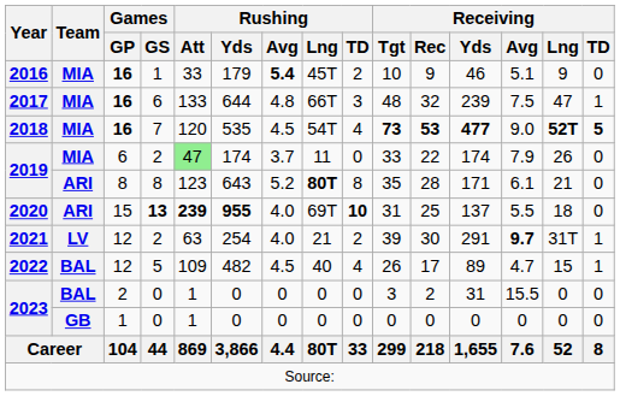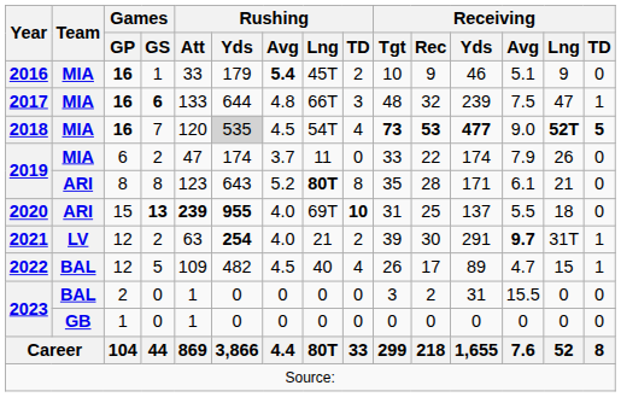 <table class=wikitable style="text-align:center;">
 <tr>
 <th rowspan="2">Year</th>
 <th rowspan="2">Team</th>
 <th colspan="2">Games</th>
 <th colspan="5">Rushing</th>
 <th colspan="6">Receiving</th>
 </tr>
 <tr>
 <th>GP</th>
 <th>GS</th>
 <th>Att</th>
 <th>Yds</th>
 <th>Avg</th>
 <th>Lng</th>
 <th>TD</th>
 <th>Tgt</th>
 <th>Rec</th>
 <th>Yds</th>
 <th>Avg</th>
 <th>Lng</th>
 <th>TD</th>
 </tr>
 <tr>
 <th><a href='#'>2016</a></th>
 <th><a href='#'>MIA</a></th>
 <td><strong>16</strong></td>
 <td>1</td>
 <td>33</td>
 <td>179</td>
 <td><strong>5.4</strong></td>
 <td>45T</td>
 <td>2</td>
 <td>10</td>
 <td>9</td>
 <td>46</td>
 <td>5.1</td>
 <td>9</td>
 <td>0</td>
 </tr>
 <tr>
 <th><a href='#'>2017</a></th>
 <th><a href='#'>MIA</a></th>
 <td><strong>16</strong></td>
-<td>6</td>
+<td><strong>6</strong></td>
 <td>133</td>
 <td>644</td>
 <td>4.8</td>
 <td>66T</td>
 <td>3</td>
 <td>48</td>
 <td>32</td>
 <td>239</td>
 <td>7.5</td>
 <td>47</td>
 <td>1</td>
 </tr>
 <tr>
 <th><a href='#'>2018</a></th>
 <th><a href='#'>MIA</a></th>
 <td><strong>16</strong></td>
 <td>7</td>
 <td>120</td>
-<td>535</td>
+<td style="background: lightgrey;">535</td>
 <td>4.5</td>
 <td>54T</td>
 <td>4</td>
 <td><strong>73</strong></td>
 <td><strong>53</strong></td>
 <td><strong>477</strong></td>
 <td>9.0</td>
 <td><strong>52T</strong></td>
 <td><strong>5</strong></td>
 </tr>
 <tr>
 <th rowspan="2"><a href='#'>2019</a></th>
 <th><a href='#'>MIA</a></th>
 <td>6</td>
 <td>2</td>
-<td style="background: lightgreen;">47</td>
+<td>47</td>
 <td>174</td>
 <td>3.7</td>
 <td>11</td>
 <td>0</td>
 <td>33</td>
 <td>22</td>
 <td>174</td>
 <td>7.9</td>
 <td>26</td>
 <td>0</td>
 </tr>
 <tr>
 <th><a href='#'>ARI</a></th>
 <td>8</td>
 <td>8</td>
 <td>123</td>
 <td>643</td>
 <td>5.2</td>
 <td><strong>80T</strong></td>
 <td>8</td>
 <td>35</td>
 <td>28</td>
 <td>171</td>
 <td>6.1</td>
 <td>21</td>
 <td>0</td>
 </tr>
 <tr>
 <th><a href='#'>2020</a></th>
 <th><a href='#'>ARI</a></th>
 <td>15</td>
 <td><strong>13</strong></td>
 <td><strong>239</strong></td>
 <td><strong>955</strong></td>
 <td>4.0</td>
 <td>69T</td>
 <td><strong>10</strong></td>
 <td>31</td>
 <td>25</td>
 <td>137</td>
 <td>5.5</td>
 <td>18</td>
 <td>0</td>
 </tr>
 <tr>
 <th><a href='#'>2021</a></th>
 <th><a href='#'>LV</a></th>
 <td>12</td>
 <td>2</td>
 <td>63</td>
-<td>254</td>
+<td><strong>254</strong></td>
 <td>4.0</td>
 <td>21</td>
 <td>2</td>
 <td>39</td>
 <td>30</td>
 <td>291</td>
 <td><strong>9.7</strong></td>
 <td>31T</td>
 <td>1</td>
 </tr>
 <tr>
 <th><a href='#'>2022</a></th>
 <th><a href='#'>BAL</a></th>
 <td>12</td>
 <td>5</td>
 <td>109</td>
 <td>482</td>
 <td>4.5</td>
 <td>40</td>
 <td>4</td>
 <td>26</td>
 <td>17</td>
 <td>89</td>
 <td>4.7</td>
 <td>15</td>
 <td>1</td>
 </tr>
 <tr>
 <th rowspan=2><a href='#'>2023</a></th>
 <th><a href='#'>BAL</a></th>
 <td>2</td>
 <td>0</td>
 <td>1</td>
 <td>0</td>
 <td>0</td>
 <td>0</td>
 <td>0</td>
 <td>3</td>
 <td>2</td>
 <td>31</td>
 <td>15.5</td>
 <td>0</td>
 <td>0</td>
 </tr>
 <tr>
 <th><a href='#'>GB</a></th>
 <td>1</td>
 <td>0</td>
 <td>1</td>
 <td>0</td>
 <td>0</td>
 <td>0</td>
 <td>0</td>
 <td>0</td>
 <td>0</td>
 <td>0</td>
 <td>0</td>
 <td>0</td>
 <td>0</td>
 </tr>
 <tr>
 <th colspan="2">Career</th>
 <th>104</th>
 <th>44</th>
 <th>869</th>
 <th>3,866</th>
 <th>4.4</th>
 <th>80T</th>
 <th>33</th>
 <th>299</th>
 <th>218</th>
 <th>1,655</th>
 <th>7.6</th>
 <th>52</th>
 <th>8</th>
 </tr>
 <tr>
 <td colspan="15"><small>Source: </small></td>
 </tr>
 </table>
